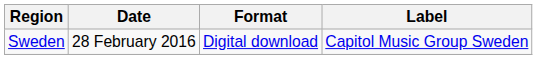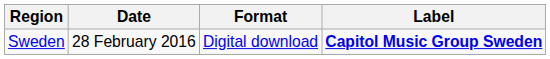 <table class=wikitable>
 <tr>
 <th>Region</th>
 <th>Date</th>
 <th>Format</th>
 <th>Label</th>
 </tr>
 <tr>
 <td><a href='#'>Sweden</a></td>
 <td>28 February 2016</td>
 <td><a href='#'>Digital download</a></td>
-<td><a href='#'>Capitol Music Group Sweden</a></td>
+<td><strong><a href='#'>Capitol Music Group Sweden</a></strong></td>
 </tr>
 <tr>
 </tr>
 </table>
